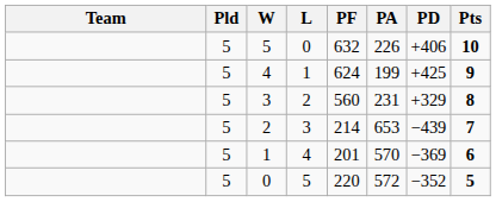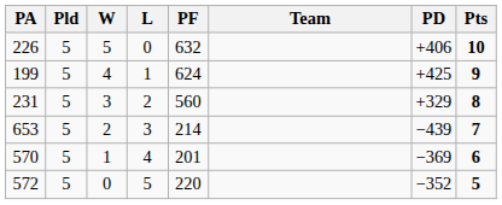 <table class=wikitable style="text-align:center">
 <tr>
-<th width=180>Team</th>
+<th width=30>PA</th>
 <th width=30>Pld</th>
 <th width=30>W</th>
 <th width=30>L</th>
 <th width=30>PF</th>
-<th width=30>PA</th>
+<th width=180>Team</th>
 <th width=30>PD</th>
 <th width=30>Pts</th>
 </tr>
 <tr>
-<td align="left"></td>
+<td>226</td>
 <td>5</td>
 <td>5</td>
 <td>0</td>
 <td>632</td>
-<td>226</td>
+<td align="left"></td>
 <td>+406</td>
 <td><strong>10</strong></td>
 </tr>
 <tr>
-<td align="left"></td>
+<td>199</td>
 <td>5</td>
 <td>4</td>
 <td>1</td>
 <td>624</td>
-<td>199</td>
+<td align="left"></td>
 <td>+425</td>
 <td><strong>9</strong></td>
 </tr>
 <tr>
-<td align="left"></td>
+<td>231</td>
 <td>5</td>
 <td>3</td>
 <td>2</td>
 <td>560</td>
-<td>231</td>
+<td align="left"></td>
 <td>+329</td>
 <td><strong>8</strong></td>
 </tr>
 <tr>
-<td align="left"></td>
+<td>653</td>
 <td>5</td>
 <td>2</td>
 <td>3</td>
 <td>214</td>
-<td>653</td>
+<td align="left"></td>
 <td>−439</td>
 <td><strong>7</strong></td>
 </tr>
 <tr>
-<td align="left"></td>
+<td>570</td>
 <td>5</td>
 <td>1</td>
 <td>4</td>
 <td>201</td>
-<td>570</td>
+<td align="left"></td>
 <td>−369</td>
 <td><strong>6</strong></td>
 </tr>
 <tr>
-<td align="left"></td>
+<td>572</td>
 <td>5</td>
 <td>0</td>
 <td>5</td>
 <td>220</td>
-<td>572</td>
+<td align="left"></td>
 <td>−352</td>
 <td><strong>5</strong></td>
 </tr>
 </table>
